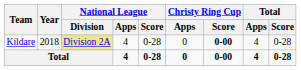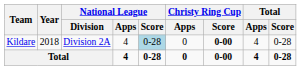 <table class="wikitable" style="text-align:center">
 <tr>
 <th rowspan="2">Team</th>
 <th rowspan="2">Year</th>
 <th colspan="3"><a href='#'>National League</a></th>
 <th colspan="2"><a href='#'>Christy Ring Cup</a></th>
 <th colspan="2">Total</th>
 </tr>
 <tr>
 <th>Division</th>
 <th>Apps</th>
 <th>Score</th>
 <th>Apps</th>
 <th>Score</th>
 <th>Apps</th>
 <th>Score</th>
 </tr>
 <tr>
 <td rowspan="1"><a href='#'>Kildare</a></td>
 <td>2018</td>
-<td rowspan="1" style="background: khaki;"><a href='#'>Division 2A</a></td>
+<td rowspan="1"><a href='#'>Division 2A</a></td>
 <td>4</td>
-<td>0-28</td>
+<td style="background: lightblue;">0-28</td>
 <td>0</td>
 <td><strong>0-00</strong></td>
 <td>4</td>
 <td>0-28</td>
 </tr>
 <tr>
 <th colspan="3">Total</th>
 <td><strong>4</strong></td>
 <td><strong>0-28</strong></td>
 <td><strong>0</strong></td>
 <td><strong>0-00</strong></td>
 <td><strong>4</strong></td>
 <td><strong>0-28</strong></td>
 </tr>
 </table>
